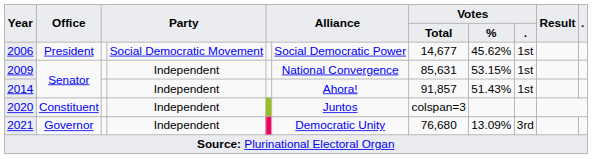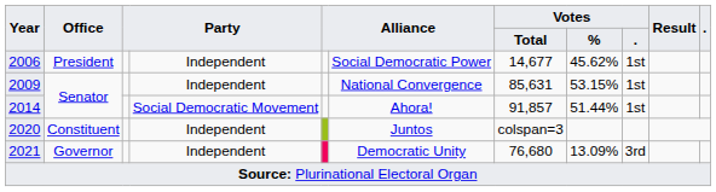 <table class="wikitable" style="font-size:90%; text-align:center;">
 <tr>
 <th style="background-color:#EAECF0;" rowspan=2>Year</th>
 <th style="background-color:#EAECF0;" rowspan=2>Office</th>
 <th style="background-color:#EAECF0;" colspan=2 rowspan=2>Party</th>
 <th style="background-color:#EAECF0;" colspan=2 rowspan=2>Alliance</th>
 <th style="background-color:#EAECF0;" colspan=3>Votes</th>
 <th style="background-color:#EAECF0;" rowspan=2>Result</th>
 <th style="background-color:#EAECF0;" rowspan=2>.</th>
 </tr>
 <tr>
 <th style="background-color:#EAECF0;">Total</th>
 <th style="background-color:#EAECF0;">%</th>
 <th style="background-color:#EAECF0;">.</th>
 </tr>
 <tr>
 <td style="background-color:#EAECF0;"><a href='#'>2006</a></td>
 <td><a href='#'>President</a></td>
 <td style="background-color:"></td>
-<td><a href='#'>Social Democratic Movement</a></td>
+<td>Independent</td>
 <td style="background-color:"></td>
 <td><a href='#'>Social Democratic Power</a></td>
 <td>14,677</td>
 <td>45.62%</td>
 <td>1st</td>
 <td></td>
 <td></td>
 </tr>
 <tr>
 <td style="background-color:#EAECF0;"><a href='#'>2009</a></td>
 <td rowspan=2><a href='#'>Senator</a></td>
 <td style="background-color:"></td>
 <td>Independent</td>
 <td style="background-color:"></td>
 <td><a href='#'>National Convergence</a></td>
 <td>85,631</td>
 <td>53.15%</td>
 <td>1st</td>
 <td></td>
 <td></td>
 </tr>
 <tr>
 <td style="background-color:#EAECF0;"><a href='#'>2014</a></td>
 <td style="background-color:"></td>
-<td>Independent</td>
+<td><a href='#'>Social Democratic Movement</a></td>
 <td style="background-color:"></td>
 <td><a href='#'>Ahora!</a></td>
 <td>91,857</td>
-<td>51.43%</td>
+<td>51.44%</td>
 <td>1st</td>
 <td></td>
 <td></td>
 </tr>
 <tr>
 <td style="background-color:#EAECF0;"><a href='#'>2020</a></td>
 <td><a href='#'>Constituent</a></td>
 <td style="background-color:"></td>
 <td>Independent</td>
 <td style="background-color:#9ABF19;"></td>
 <td><a href='#'>Juntos</a></td>
 <td>colspan=3 </td>
 <td></td>
 <td></td>
 </tr>
 <tr>
 <td style="background-color:#EAECF0;"><a href='#'>2021</a></td>
 <td><a href='#'>Governor</a></td>
 <td style="background-color:"></td>
 <td>Independent</td>
 <td style="background-color:#F1015C;"></td>
 <td><a href='#'>Democratic Unity</a></td>
 <td>76,680</td>
 <td>13.09%</td>
 <td>3rd</td>
 <td></td>
 <td></td>
 </tr>
 <tr>
 <td style="background-color:#EAECF0;" colspan=11><strong>Source:</strong> <a href='#'>Plurinational Electoral Organ</a>  </td>
 </tr>
 </table>
